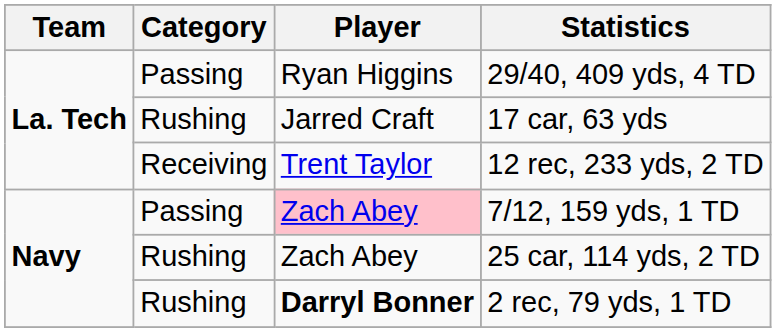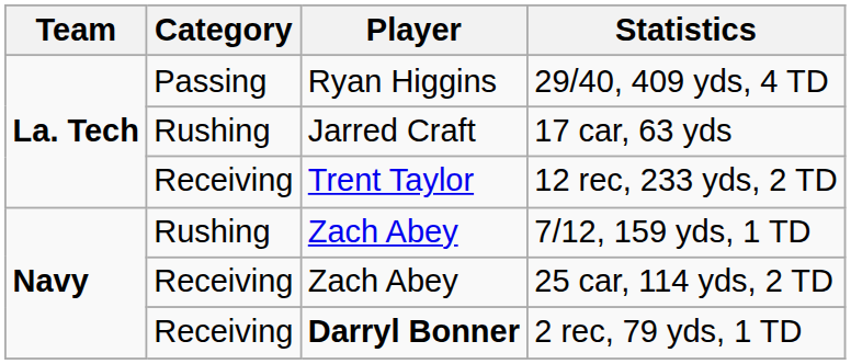 <table class="wikitable">
 <tr>
 <th>Team</th>
 <th>Category</th>
 <th>Player</th>
 <th>Statistics</th>
 </tr>
 <tr>
 <td rowspan=3><strong>La. Tech</strong></td>
 <td>Passing</td>
 <td>Ryan Higgins</td>
 <td>29/40, 409 yds, 4 TD</td>
 </tr>
 <tr>
 <td>Rushing</td>
 <td>Jarred Craft</td>
 <td>17 car, 63 yds</td>
 </tr>
 <tr>
 <td>Receiving</td>
 <td><a href='#'>Trent Taylor</a></td>
 <td>12 rec, 233 yds, 2 TD</td>
 </tr>
 <tr>
 <td rowspan=3><strong>Navy</strong></td>
-<td>Passing</td>
-<td style="background: pink;"><a href='#'>Zach Abey</a></td>
+<td>Rushing</td>
+<td><a href='#'>Zach Abey</a></td>
 <td>7/12, 159 yds, 1 TD</td>
 </tr>
 <tr>
-<td>Rushing</td>
+<td>Receiving</td>
 <td>Zach Abey</td>
 <td>25 car, 114 yds, 2 TD</td>
 </tr>
 <tr>
-<td>Rushing</td>
+<td>Receiving</td>
 <td><strong>Darryl Bonner</strong></td>
 <td>2 rec, 79 yds, 1 TD</td>
 </tr>
 </table>
